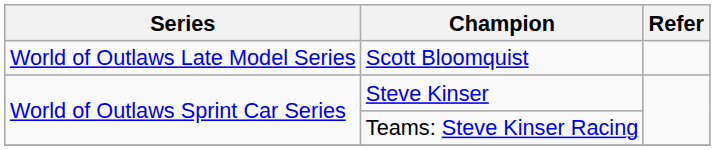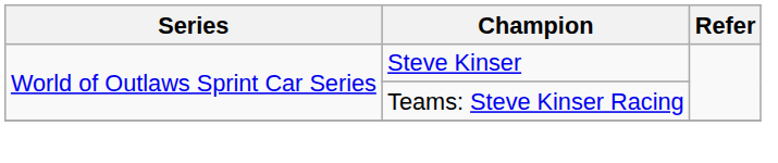 <table class="wikitable" style="font-size:87%;">
 <tr>
 <th>Series</th>
 <th>Champion</th>
 <th>Refer</th>
-</tr>
-<tr>
-<td><a href='#'>World of Outlaws Late Model Series</a></td>
-<td> <a href='#'>Scott Bloomquist</a></td>
-<td></td>
 </tr>
 <tr>
 <td rowspan=2><a href='#'>World of Outlaws Sprint Car Series</a></td>
 <td> <a href='#'>Steve Kinser</a></td>
 <td rowspan=2></td>
 </tr>
 <tr>
 <td>Teams:  <a href='#'>Steve Kinser Racing</a></td>
 </tr>
 <tr>
 </tr>
 </table>
